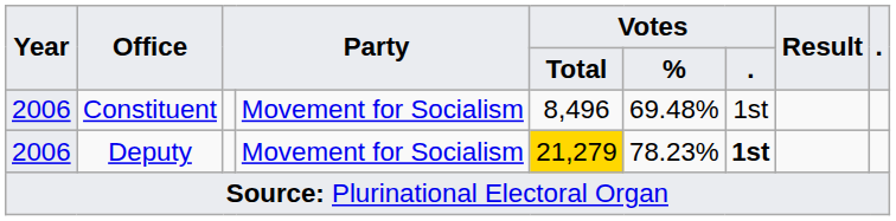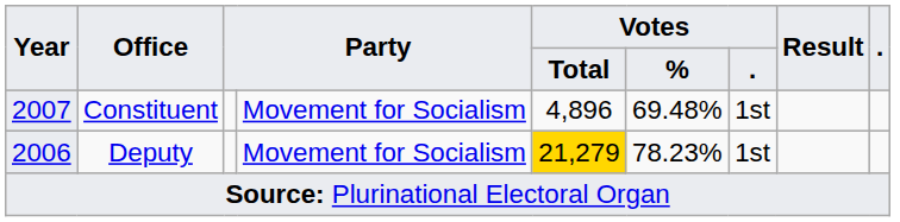 <table class="wikitable" style="font-size:90%; text-align:center;">
 <tr>
 <th style="background-color:#EAECF0;" rowspan=2>Year</th>
 <th style="background-color:#EAECF0;" rowspan=2>Office</th>
 <th style="background-color:#EAECF0;" colspan=2 rowspan=2>Party</th>
 <th style="background-color:#EAECF0;" colspan=3>Votes</th>
 <th style="background-color:#EAECF0;" rowspan=2>Result</th>
 <th style="background-color:#EAECF0;" rowspan=2>.</th>
 </tr>
 <tr>
 <th style="background-color:#EAECF0;">Total</th>
 <th style="background-color:#EAECF0;">%</th>
 <th style="background-color:#EAECF0;">.</th>
 </tr>
 <tr>
-<td style="background-color:#EAECF0;"><a href='#'>2006</a></td>
+<td style="background-color:#EAECF0;"><a href='#'>2007</a></td>
 <td><a href='#'>Constituent</a></td>
 <td style="background-color:"></td>
 <td><a href='#'>Movement for Socialism</a></td>
-<td>8,496</td>
+<td>4,896</td>
 <td>69.48%</td>
 <td>1st</td>
 <td></td>
 <td></td>
 </tr>
 <tr>
 <td style="background-color:#EAECF0;"><a href='#'>2006</a></td>
 <td><a href='#'>Deputy</a></td>
 <td style="background-color:"></td>
 <td><a href='#'>Movement for Socialism</a></td>
 <td style="background: gold;">21,279</td>
 <td>78.23%</td>
-<td><strong>1st</strong></td>
+<td>1st</td>
 <td></td>
 <td></td>
 </tr>
 <tr>
 <td style="background-color:#EAECF0;" colspan=9><strong>Source:</strong> <a href='#'>Plurinational Electoral Organ</a>  </td>
 </tr>
 </table>
